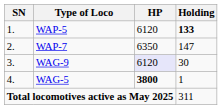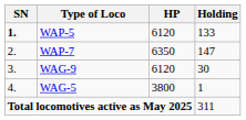 <table class="wikitable">
 <tr>
 <th>SN</th>
 <th>Type of Loco</th>
 <th>HP</th>
 <th>Holding</th>
 </tr>
 <tr>
-<td>1.</td>
+<td><strong>1.</strong></td>
 <td><a href='#'>WAP-5</a></td>
 <td>6120</td>
-<td><strong>133</strong></td>
+<td>133</td>
 </tr>
 <tr>
 <td>2.</td>
 <td><a href='#'>WAP-7</a></td>
 <td>6350</td>
 <td>147</td>
 </tr>
 <tr>
 <td>3.</td>
 <td><a href='#'>WAG-9</a></td>
-<td style="background: lavender;">6120</td>
+<td>6120</td>
 <td>30</td>
 </tr>
 <tr>
 <td>4.</td>
 <td><a href='#'>WAG-5</a></td>
-<td><strong>3800</strong></td>
+<td>3800</td>
 <td>1</td>
 </tr>
 <tr>
 <td colspan="3"><strong>Total locomotives active as May 2025</strong></td>
 <td>311</td>
 </tr>
 </table>
